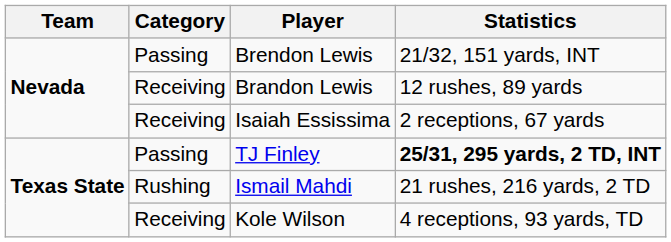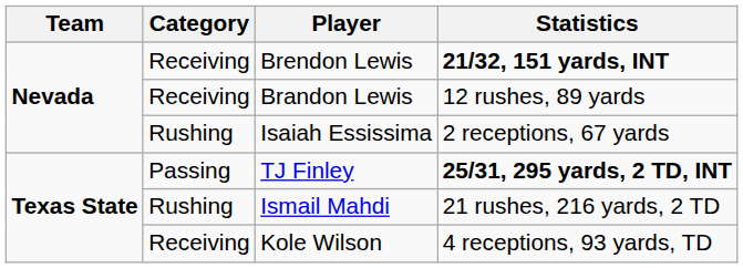 <table class="wikitable" style="float: right;">
 <tr>
 <th>Team</th>
 <th>Category</th>
 <th>Player</th>
 <th>Statistics</th>
 </tr>
 <tr>
 <td rowspan=3><strong>Nevada</strong></td>
-<td>Passing</td>
+<td>Receiving</td>
 <td>Brendon Lewis</td>
-<td>21/32, 151 yards, INT</td>
+<td><strong>21/32, 151 yards, INT</strong></td>
 </tr>
 <tr>
 <td>Receiving</td>
 <td>Brandon Lewis</td>
 <td>12 rushes, 89 yards</td>
 </tr>
 <tr>
-<td>Receiving</td>
+<td>Rushing</td>
 <td>Isaiah Essissima</td>
 <td>2 receptions, 67 yards</td>
 </tr>
 <tr>
 <td rowspan=3><strong>Texas State</strong></td>
 <td>Passing</td>
 <td><a href='#'>TJ Finley</a></td>
 <td><strong>25/31, 295 yards, 2 TD, INT</strong></td>
 </tr>
 <tr>
 <td>Rushing</td>
 <td><a href='#'>Ismail Mahdi</a></td>
 <td>21 rushes, 216 yards, 2 TD</td>
 </tr>
 <tr>
 <td>Receiving</td>
 <td>Kole Wilson</td>
 <td>4 receptions, 93 yards, TD</td>
 </tr>
 </table>
